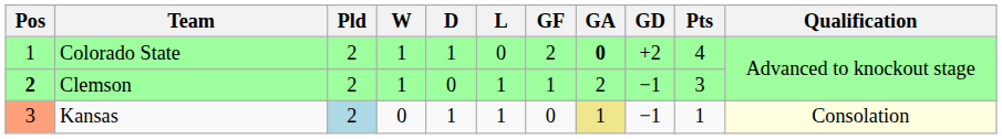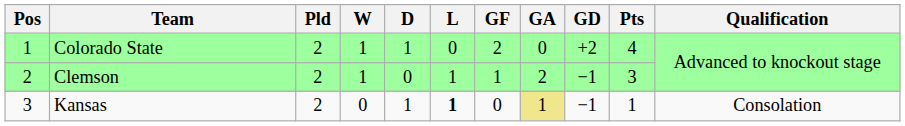 <table class="wikitable" style="text-align:center; margin: 1em auto">
 <tr>
 <th style=width:2em>Pos</th>
 <th style=width:13em>Team</th>
 <th style=width:2em>Pld</th>
 <th style=width:2em>W</th>
 <th style=width:2em>D</th>
 <th style=width:2em>L</th>
 <th style=width:2em>GF</th>
 <th style=width:2em>GA</th>
 <th style=width:2em>GD</th>
 <th style=width:2em>Pts</th>
 <th style=width:13em>Qualification</th>
 </tr>
 <tr bgcolor="#9eff9e">
 <td>1</td>
 <td style="text-align:left">Colorado State</td>
 <td>2</td>
 <td>1</td>
 <td>1</td>
 <td>0</td>
 <td>2</td>
-<td><strong>0</strong></td>
+<td>0</td>
 <td>+2</td>
 <td>4</td>
 <td rowspan="2">Advanced to knockout stage</td>
 </tr>
 <tr bgcolor="#9eff9e">
-<td><strong>2</strong></td>
+<td>2</td>
 <td style="text-align:left">Clemson</td>
 <td>2</td>
 <td>1</td>
 <td>0</td>
 <td>1</td>
 <td>1</td>
 <td>2</td>
 <td>−1</td>
 <td>3</td>
 </tr>
 <tr>
-<td style="background: lightsalmon;">3</td>
+<td>3</td>
 <td style="text-align:left">Kansas</td>
-<td style="background: lightblue;">2</td>
+<td>2</td>
 <td>0</td>
 <td>1</td>
-<td>1</td>
+<td><strong>1</strong></td>
 <td>0</td>
 <td style="background: khaki;">1</td>
 <td>−1</td>
 <td>1</td>
-<td style="background: lightyellow;">Consolation</td>
+<td>Consolation</td>
 </tr>
 </table>
